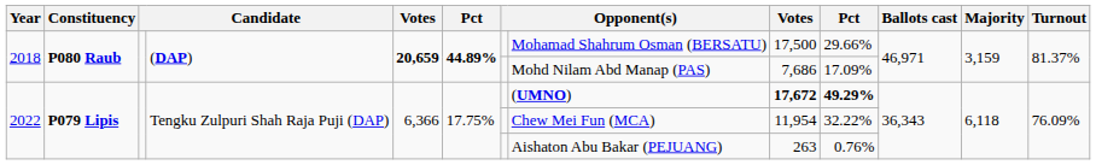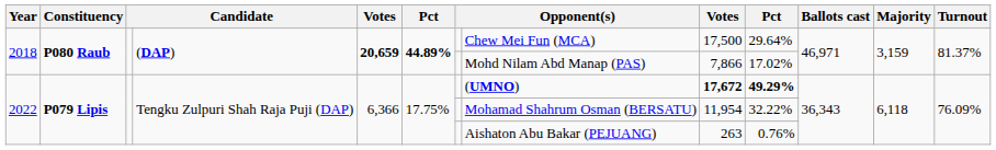 <table class="wikitable" style="margin:0.5em ; font-size:95%">
 <tr>
 <th>Year</th>
 <th>Constituency</th>
 <th colspan="2">Candidate</th>
 <th>Votes</th>
 <th>Pct</th>
 <th colspan="2">Opponent(s)</th>
 <th>Votes</th>
 <th>Pct</th>
 <th>Ballots cast</th>
 <th>Majority</th>
 <th>Turnout</th>
 </tr>
 <tr>
 <td rowspan="2"><a href='#'>2018</a></td>
 <td rowspan="2"><strong>P080 <a href='#'>Raub</a></strong></td>
 <td rowspan=2 ></td>
 <td rowspan="2"> (<a href='#'><strong>DAP</strong></a>)</td>
 <td rowspan="2" align=right><strong>20,659</strong></td>
 <td rowspan="2"><strong>44.89%</strong></td>
 <td></td>
-<td><a href='#'>Mohamad Shahrum Osman</a> (<a href='#'>BERSATU</a>)</td>
+<td><a href='#'>Chew Mei Fun</a> (<a href='#'>MCA</a>)</td>
 <td align=right>17,500</td>
-<td>29.66%</td>
+<td>29.64%</td>
 <td rowspan="2">46,971</td>
 <td rowspan="2">3,159</td>
 <td rowspan="2">81.37%</td>
 </tr>
 <tr>
 <td></td>
 <td>Mohd Nilam Abd Manap (<a href='#'>PAS</a>)</td>
-<td align="right">7,686</td>
-<td>17.09%</td>
+<td align="right">7,866</td>
+<td>17.02%</td>
 </tr>
 <tr>
 <td rowspan=3><a href='#'>2022</a></td>
 <td rowspan=3><strong>P079 <a href='#'>Lipis</a></strong></td>
 <td rowspan=3 ></td>
 <td rowspan=3>Tengku Zulpuri Shah Raja Puji (<a href='#'>DAP</a>)</td>
 <td rowspan=3 align="right">6,366</td>
 <td rowspan=3>17.75%</td>
 <td></td>
 <td> (<a href='#'><strong>UMNO</strong></a>)</td>
 <td align="right"><strong>17,672</strong></td>
 <td><strong>49.29%</strong></td>
 <td rowspan=3>36,343</td>
 <td rowspan=3>6,118</td>
 <td rowspan=3>76.09%</td>
 </tr>
 <tr>
 <td bgcolor=></td>
-<td><a href='#'>Chew Mei Fun</a> (<a href='#'>MCA</a>)</td>
+<td><a href='#'>Mohamad Shahrum Osman</a> (<a href='#'>BERSATU</a>)</td>
 <td align="right">11,954</td>
 <td>32.22%</td>
 </tr>
 <tr>
 <td bgcolor=></td>
 <td>Aishaton Abu Bakar (<a href='#'>PEJUANG</a>)</td>
 <td align="right">263</td>
 <td align=right>0.76%</td>
 </tr>
 </table>
